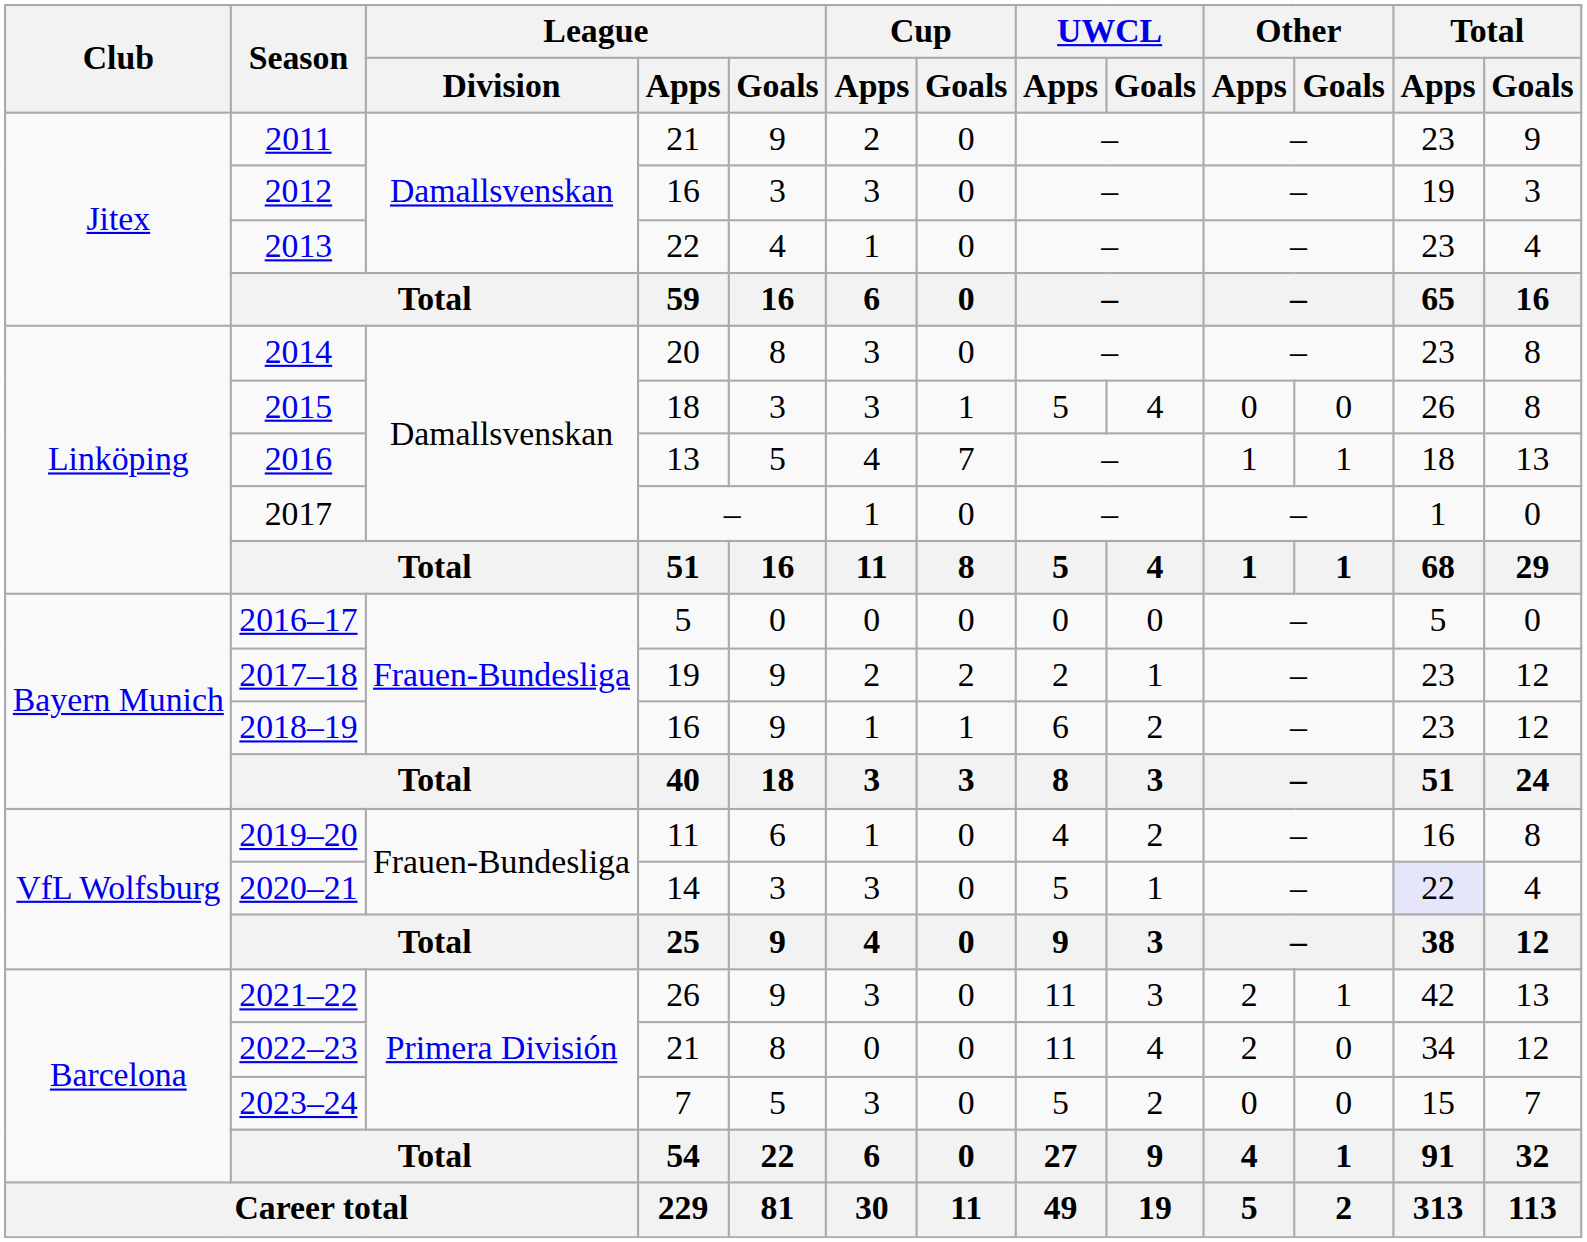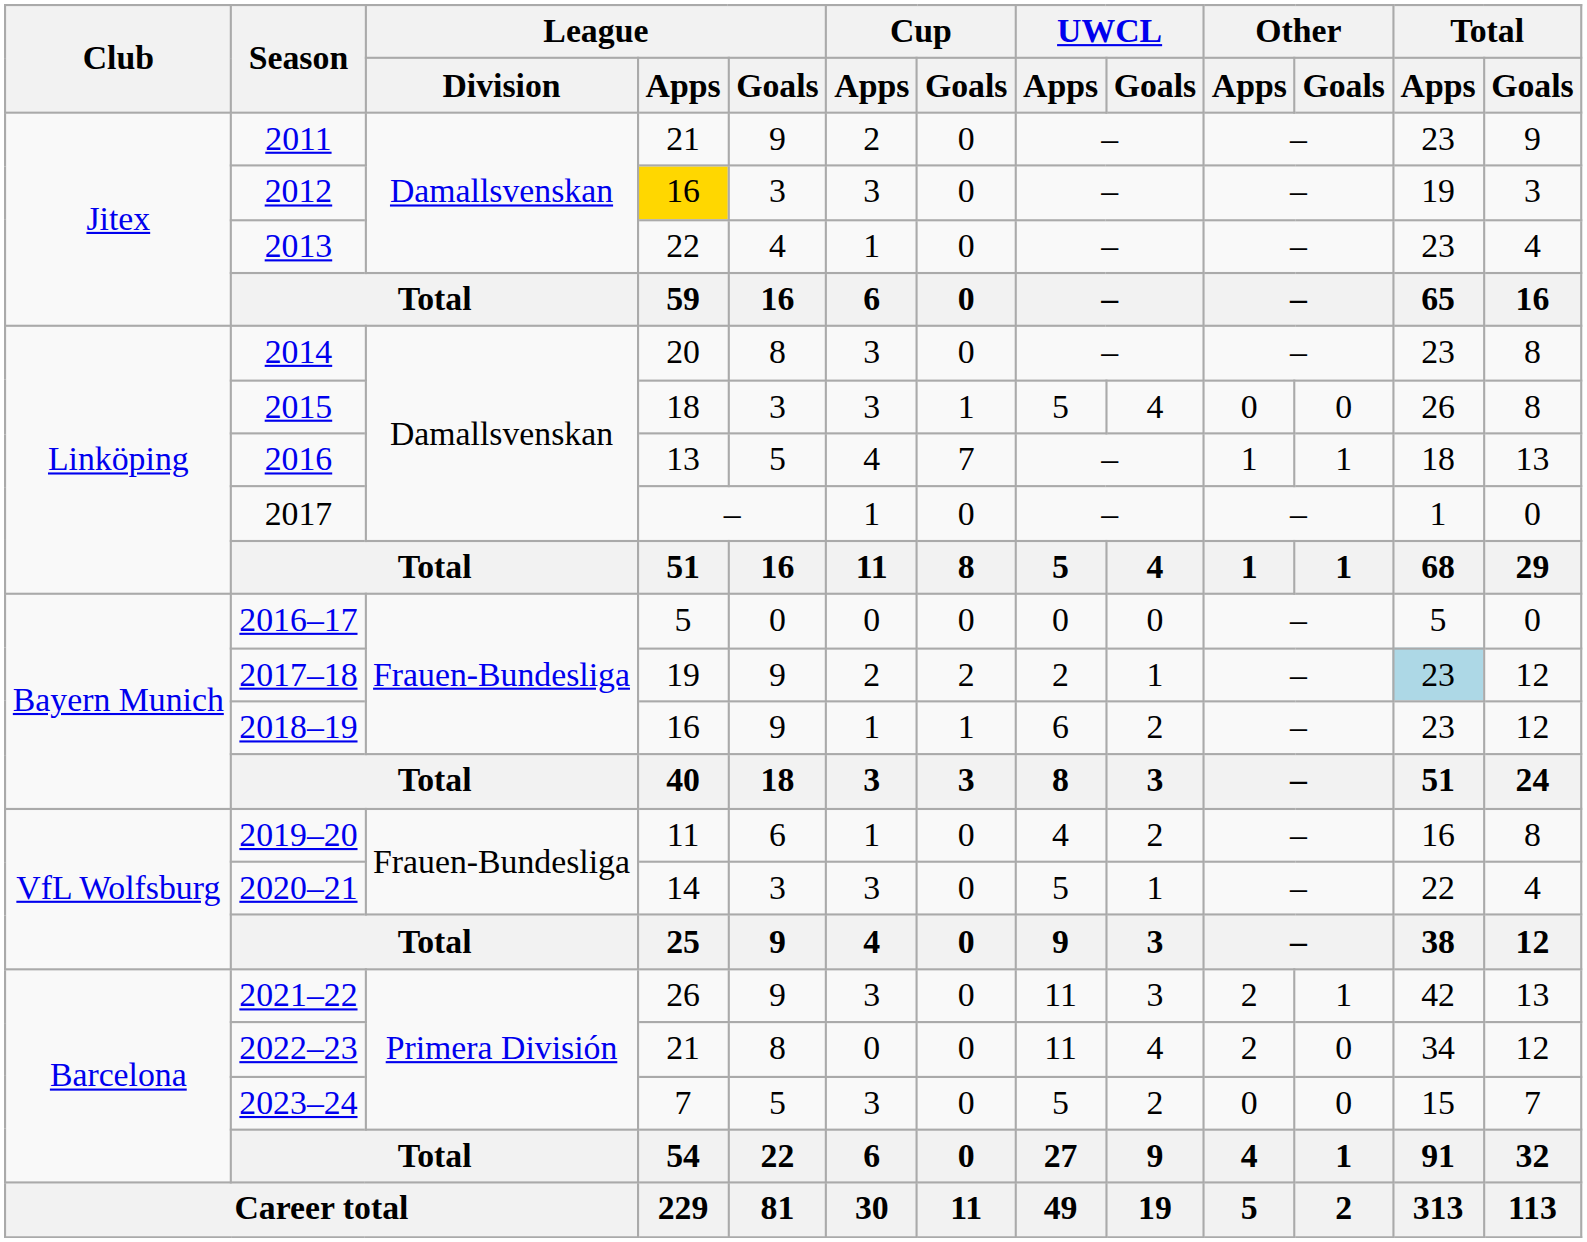 <table class="wikitable" style="text-align:center">
 <tr>
 <th rowspan="2">Club</th>
 <th rowspan="2">Season</th>
 <th colspan="3">League</th>
 <th colspan="2">Cup</th>
 <th colspan="2"><a href='#'>UWCL</a></th>
 <th colspan="2">Other</th>
 <th colspan="2">Total</th>
 </tr>
 <tr>
 <th>Division</th>
 <th>Apps</th>
 <th>Goals</th>
 <th>Apps</th>
 <th>Goals</th>
 <th>Apps</th>
 <th>Goals</th>
 <th>Apps</th>
 <th>Goals</th>
 <th>Apps</th>
 <th>Goals</th>
 </tr>
 <tr>
 <td rowspan="4"><a href='#'>Jitex</a></td>
 <td><a href='#'>2011</a></td>
 <td rowspan="3"><a href='#'>Damallsvenskan</a></td>
 <td>21</td>
 <td>9</td>
 <td>2</td>
 <td>0</td>
 <td colspan="2">–</td>
 <td colspan="2">–</td>
 <td>23</td>
 <td>9</td>
 </tr>
 <tr>
 <td><a href='#'>2012</a></td>
-<td>16</td>
+<td style="background: gold;">16</td>
 <td>3</td>
 <td>3</td>
 <td>0</td>
 <td colspan="2">–</td>
 <td colspan="2">–</td>
 <td>19</td>
 <td>3</td>
 </tr>
 <tr>
 <td><a href='#'>2013</a></td>
 <td>22</td>
 <td>4</td>
 <td>1</td>
 <td>0</td>
 <td colspan="2">–</td>
 <td colspan="2">–</td>
 <td>23</td>
 <td>4</td>
 </tr>
 <tr>
 <th colspan="2">Total</th>
 <th>59</th>
 <th>16</th>
 <th>6</th>
 <th>0</th>
 <th colspan="2">–</th>
 <th colspan="2">–</th>
 <th>65</th>
 <th>16</th>
 </tr>
 <tr>
 <td rowspan="5"><a href='#'>Linköping</a></td>
 <td><a href='#'>2014</a></td>
 <td rowspan="4">Damallsvenskan</td>
 <td>20</td>
 <td>8</td>
 <td>3</td>
 <td>0</td>
 <td colspan="2">–</td>
 <td colspan="2">–</td>
 <td>23</td>
 <td>8</td>
 </tr>
 <tr>
 <td><a href='#'>2015</a></td>
 <td>18</td>
 <td>3</td>
 <td>3</td>
 <td>1</td>
 <td>5</td>
 <td>4</td>
 <td>0</td>
 <td>0</td>
 <td>26</td>
 <td>8</td>
 </tr>
 <tr>
 <td><a href='#'>2016</a></td>
 <td>13</td>
 <td>5</td>
 <td>4</td>
 <td>7</td>
 <td colspan="2">–</td>
 <td>1</td>
 <td>1</td>
 <td>18</td>
 <td>13</td>
 </tr>
 <tr>
 <td>2017</td>
 <td colspan="2">–</td>
 <td>1</td>
 <td>0</td>
 <td colspan="2">–</td>
 <td colspan="2">–</td>
 <td>1</td>
 <td>0</td>
 </tr>
 <tr>
 <th colspan="2">Total</th>
 <th>51</th>
 <th>16</th>
 <th>11</th>
 <th>8</th>
 <th>5</th>
 <th>4</th>
 <th>1</th>
 <th>1</th>
 <th>68</th>
 <th>29</th>
 </tr>
 <tr>
 <td rowspan="4"><a href='#'>Bayern Munich</a></td>
 <td><a href='#'>2016–17</a></td>
 <td rowspan="3"><a href='#'>Frauen-Bundesliga</a></td>
 <td>5</td>
 <td>0</td>
 <td>0</td>
 <td>0</td>
 <td>0</td>
 <td>0</td>
 <td colspan="2">–</td>
 <td>5</td>
 <td>0</td>
 </tr>
 <tr>
 <td><a href='#'>2017–18</a></td>
 <td>19</td>
 <td>9</td>
 <td>2</td>
 <td>2</td>
 <td>2</td>
 <td>1</td>
 <td colspan="2">–</td>
-<td>23</td>
+<td style="background: lightblue;">23</td>
 <td>12</td>
 </tr>
 <tr>
 <td><a href='#'>2018–19</a></td>
 <td>16</td>
 <td>9</td>
 <td>1</td>
 <td>1</td>
 <td>6</td>
 <td>2</td>
 <td colspan="2">–</td>
 <td>23</td>
 <td>12</td>
 </tr>
 <tr>
 <th colspan="2">Total</th>
 <th>40</th>
 <th>18</th>
 <th>3</th>
 <th>3</th>
 <th>8</th>
 <th>3</th>
 <th colspan="2">–</th>
 <th>51</th>
 <th>24</th>
 </tr>
 <tr>
 <td rowspan="3"><a href='#'>VfL Wolfsburg</a></td>
 <td><a href='#'>2019–20</a></td>
 <td rowspan="2">Frauen-Bundesliga</td>
 <td>11</td>
 <td>6</td>
 <td>1</td>
 <td>0</td>
 <td>4</td>
 <td>2</td>
 <td colspan="2">–</td>
 <td>16</td>
 <td>8</td>
 </tr>
 <tr>
 <td><a href='#'>2020–21</a></td>
 <td>14</td>
 <td>3</td>
 <td>3</td>
 <td>0</td>
 <td>5</td>
 <td>1</td>
 <td colspan="2">–</td>
-<td style="background: lavender;">22</td>
+<td>22</td>
 <td>4</td>
 </tr>
 <tr>
 <th colspan="2">Total</th>
 <th>25</th>
 <th>9</th>
 <th>4</th>
 <th>0</th>
 <th>9</th>
 <th>3</th>
 <th colspan="2">–</th>
 <th>38</th>
 <th>12</th>
 </tr>
 <tr>
 <td rowspan="4"><a href='#'>Barcelona</a></td>
 <td><a href='#'>2021–22</a></td>
 <td rowspan="3"><a href='#'>Primera División</a></td>
 <td>26</td>
 <td>9</td>
 <td>3</td>
 <td>0</td>
 <td>11</td>
 <td>3</td>
 <td>2</td>
 <td>1</td>
 <td>42</td>
 <td>13</td>
 </tr>
 <tr>
 <td><a href='#'>2022–23</a></td>
 <td>21</td>
 <td>8</td>
 <td>0</td>
 <td>0</td>
 <td>11</td>
 <td>4</td>
 <td>2</td>
 <td>0</td>
 <td>34</td>
 <td>12</td>
 </tr>
 <tr>
 <td><a href='#'>2023–24</a></td>
 <td>7</td>
 <td>5</td>
 <td>3</td>
 <td>0</td>
 <td>5</td>
 <td>2</td>
 <td>0</td>
 <td>0</td>
 <td>15</td>
 <td>7</td>
 </tr>
 <tr>
 <th colspan="2">Total</th>
 <th>54</th>
 <th>22</th>
 <th>6</th>
 <th>0</th>
 <th>27</th>
 <th>9</th>
 <th>4</th>
 <th>1</th>
 <th>91</th>
 <th>32</th>
 </tr>
 <tr>
 <th colspan="3">Career total</th>
 <th>229</th>
 <th>81</th>
 <th>30</th>
 <th>11</th>
 <th>49</th>
 <th>19</th>
 <th>5</th>
 <th>2</th>
 <th>313</th>
 <th>113</th>
 </tr>
 </table>
